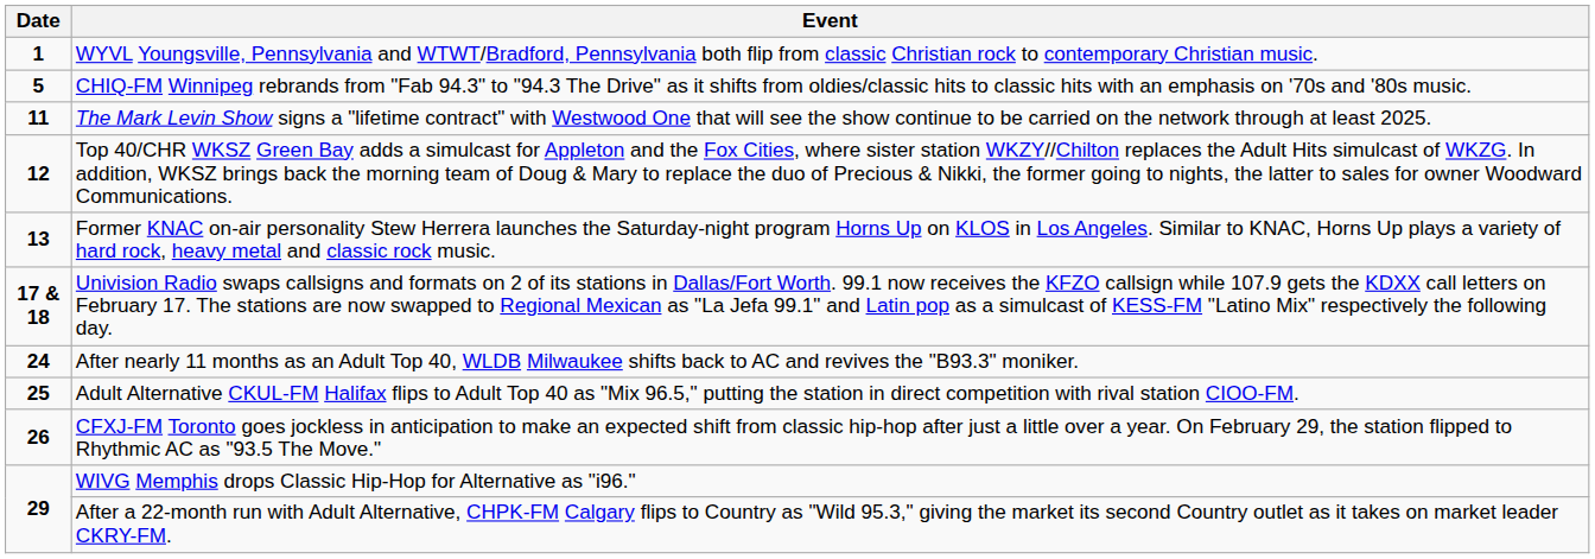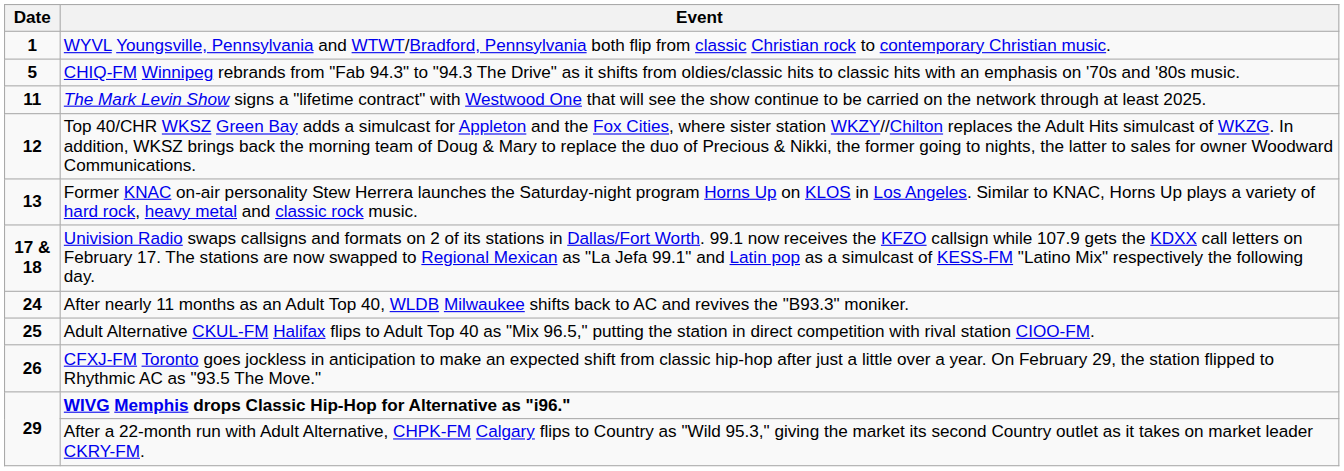 <table class="wikitable">
 <tr>
 <th>Date</th>
 <th>Event</th>
 </tr>
 <tr>
 <td style="text-align:center;"><strong>1</strong></td>
 <td><a href='#'>WYVL</a> <a href='#'>Youngsville, Pennsylvania</a> and <a href='#'>WTWT</a>/<a href='#'>Bradford, Pennsylvania</a> both flip from <a href='#'>classic</a> <a href='#'>Christian rock</a> to <a href='#'>contemporary Christian music</a>.</td>
 </tr>
 <tr>
 <td style="text-align:center;"><strong>5</strong></td>
 <td><a href='#'>CHIQ-FM</a> <a href='#'>Winnipeg</a> rebrands from "Fab 94.3" to "94.3 The Drive" as it shifts from oldies/classic hits to classic hits with an emphasis on '70s and '80s music.</td>
 </tr>
 <tr>
 <td style="text-align:center;"><strong>11</strong></td>
 <td><em><a href='#'>The Mark Levin Show</a></em> signs a "lifetime contract" with <a href='#'>Westwood One</a> that will see the show continue to be carried on the network through at least 2025.</td>
 </tr>
 <tr>
 <td style="text-align:center;"><strong>12</strong></td>
 <td>Top 40/CHR <a href='#'>WKSZ</a> <a href='#'>Green Bay</a> adds a simulcast for <a href='#'>Appleton</a> and the <a href='#'>Fox Cities</a>, where sister station <a href='#'>WKZY</a>//<a href='#'>Chilton</a> replaces the Adult Hits simulcast of <a href='#'>WKZG</a>. In addition, WKSZ brings back the morning team of Doug & Mary to replace the duo of Precious & Nikki, the former going to nights, the latter to sales for owner Woodward Communications.</td>
 </tr>
 <tr>
 <td style="text-align:center;"><strong>13</strong></td>
 <td>Former <a href='#'>KNAC</a> on-air personality Stew Herrera launches the Saturday-night program <a href='#'>Horns Up</a> on <a href='#'>KLOS</a> in <a href='#'>Los Angeles</a>. Similar to KNAC, Horns Up plays a variety of <a href='#'>hard rock</a>, <a href='#'>heavy metal</a> and <a href='#'>classic rock</a> music.</td>
 </tr>
 <tr>
 <td style="text-align:center;"><strong>17 & 18</strong></td>
 <td><a href='#'>Univision Radio</a> swaps callsigns and formats on 2 of its stations in <a href='#'>Dallas/Fort Worth</a>. 99.1 now receives the <a href='#'>KFZO</a> callsign while 107.9 gets the <a href='#'>KDXX</a> call letters on February 17. The stations are now swapped to <a href='#'>Regional Mexican</a> as "La Jefa 99.1" and <a href='#'>Latin pop</a> as a simulcast of <a href='#'>KESS-FM</a> "Latino Mix" respectively the following day.</td>
 </tr>
 <tr>
 <td style="text-align:center;"><strong>24</strong></td>
 <td>After nearly 11 months as an Adult Top 40, <a href='#'>WLDB</a> <a href='#'>Milwaukee</a> shifts back to AC and revives the "B93.3" moniker.</td>
 </tr>
 <tr>
 <td style="text-align:center;"><strong>25</strong></td>
 <td>Adult Alternative <a href='#'>CKUL-FM</a> <a href='#'>Halifax</a> flips to Adult Top 40 as "Mix 96.5," putting the station in direct competition with rival station <a href='#'>CIOO-FM</a>.</td>
 </tr>
 <tr>
 <td style="text-align:center;"><strong>26</strong></td>
 <td><a href='#'>CFXJ-FM</a> <a href='#'>Toronto</a> goes jockless in anticipation to make an expected shift from classic hip-hop after just a little over a year. On February 29, the station flipped to Rhythmic AC as "93.5 The Move."</td>
 </tr>
 <tr>
 <td style="text-align:center;" rowspan=2><strong>29</strong></td>
-<td><a href='#'>WIVG</a> <a href='#'>Memphis</a> drops Classic Hip-Hop for Alternative as "i96."</td>
+<td><strong><a href='#'>WIVG</a> <a href='#'>Memphis</a> drops Classic Hip-Hop for Alternative as "i96."</strong></td>
 </tr>
 <tr>
 <td>After a 22-month run with Adult Alternative, <a href='#'>CHPK-FM</a> <a href='#'>Calgary</a> flips to Country as "Wild 95.3," giving the market its second Country outlet as it takes on market leader <a href='#'>CKRY-FM</a>.</td>
 </tr>
 </table>
